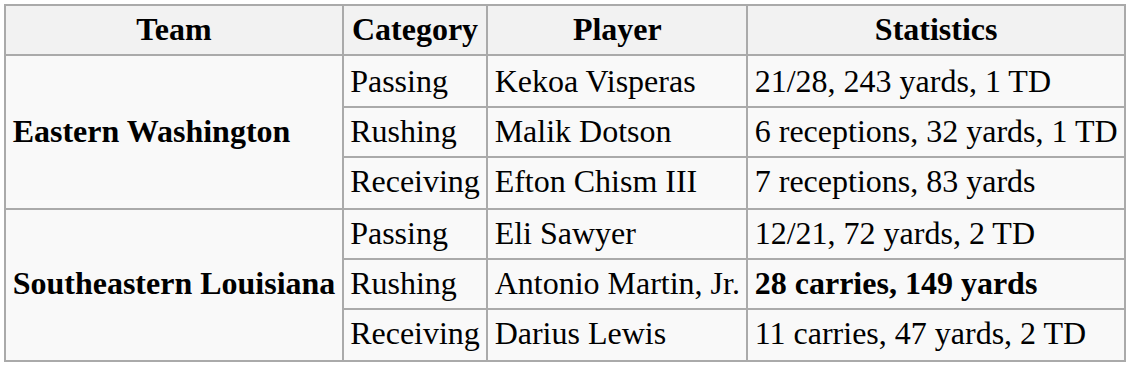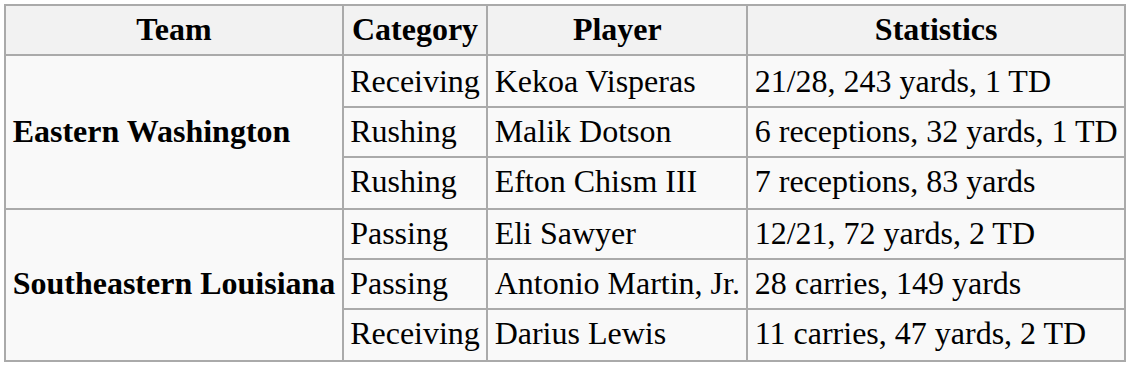 <table class="wikitable" style="float: right;">
 <tr>
 <th>Team</th>
 <th>Category</th>
 <th>Player</th>
 <th>Statistics</th>
 </tr>
 <tr>
 <td rowspan=3><strong>Eastern Washington</strong></td>
-<td>Passing</td>
+<td>Receiving</td>
 <td>Kekoa Visperas</td>
 <td>21/28, 243 yards, 1 TD</td>
 </tr>
 <tr>
 <td>Rushing</td>
 <td>Malik Dotson</td>
 <td>6 receptions, 32 yards, 1 TD</td>
 </tr>
 <tr>
-<td>Receiving</td>
+<td>Rushing</td>
 <td>Efton Chism III</td>
 <td>7 receptions, 83 yards</td>
 </tr>
 <tr>
 <td rowspan=3><strong>Southeastern Louisiana</strong></td>
 <td>Passing</td>
 <td>Eli Sawyer</td>
 <td>12/21, 72 yards, 2 TD</td>
 </tr>
 <tr>
-<td>Rushing</td>
+<td>Passing</td>
 <td>Antonio Martin, Jr.</td>
-<td><strong>28 carries, 149 yards</strong></td>
+<td>28 carries, 149 yards</td>
 </tr>
 <tr>
 <td>Receiving</td>
 <td>Darius Lewis</td>
 <td>11 carries, 47 yards, 2 TD</td>
 </tr>
 </table>
